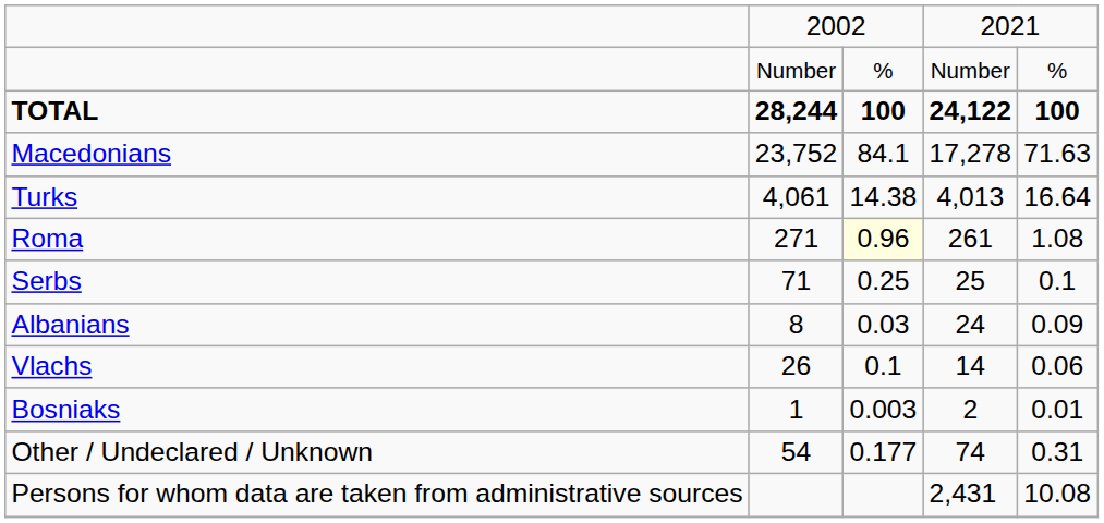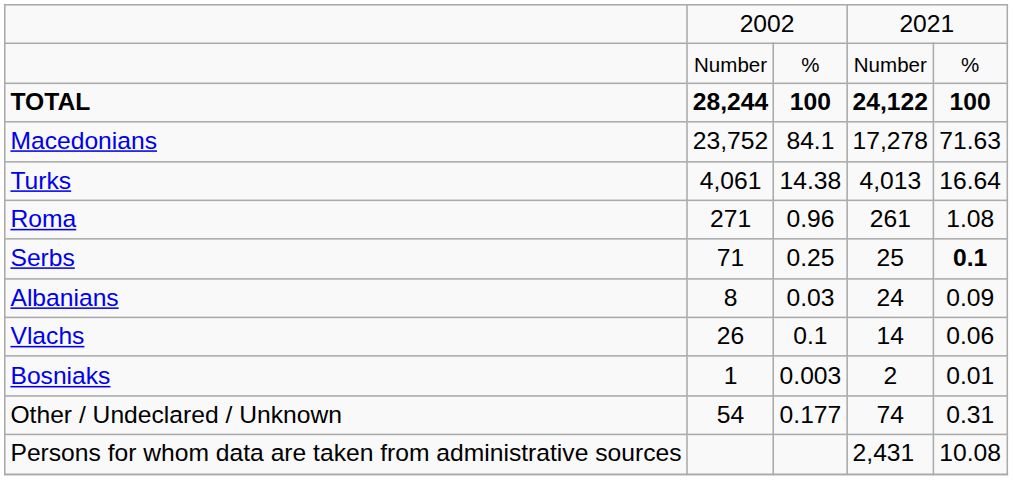 <table class="wikitable">
 <tr>
 <td></td>
 <td colspan="2" align="center">2002</td>
 <td colspan="2" align="center">2021</td>
 </tr>
 <tr>
 <td></td>
 <td align="center"><small>Number</small></td>
 <td align="center"><small>%</small></td>
 <td align="center"><small>Number</small></td>
 <td align="center"><small>%</small></td>
 </tr>
 <tr>
 <td><strong>TOTAL</strong></td>
 <td align="center"><strong>28,244</strong></td>
 <td align="center"><strong>100</strong></td>
 <td align="center"><strong>24,122</strong></td>
 <td align="center"><strong>100</strong></td>
 </tr>
 <tr>
 <td><a href='#'>Macedonians</a></td>
 <td align="center">23,752</td>
 <td align="center">84.1</td>
 <td align="center">17,278</td>
 <td align="center">71.63</td>
 </tr>
 <tr>
 <td><a href='#'>Turks</a></td>
 <td align="center">4,061</td>
 <td align="center">14.38</td>
 <td align="center">4,013</td>
 <td align="center">16.64</td>
 </tr>
 <tr>
 <td><a href='#'>Roma</a></td>
 <td align="center">271</td>
-<td align="center" style="background: lightyellow;">0.96</td>
+<td align="center">0.96</td>
 <td align="center">261</td>
 <td align="center">1.08</td>
 </tr>
 <tr>
 <td><a href='#'>Serbs</a></td>
 <td align="center">71</td>
 <td align="center">0.25</td>
 <td align="center">25</td>
-<td align="center">0.1</td>
+<td align="center"><strong>0.1</strong></td>
 </tr>
 <tr>
 <td><a href='#'>Albanians</a></td>
 <td align="center">8</td>
 <td align="center">0.03</td>
 <td align="center">24</td>
 <td align="center">0.09</td>
 </tr>
 <tr>
 <td><a href='#'>Vlachs</a></td>
 <td align="center">26</td>
 <td align="center">0.1</td>
 <td align="center">14</td>
 <td align="center">0.06</td>
 </tr>
 <tr>
 <td><a href='#'>Bosniaks</a></td>
 <td align="center">1</td>
 <td align="center">0.003</td>
 <td align="center">2</td>
 <td align="center">0.01</td>
 </tr>
 <tr>
 <td>Other / Undeclared / Unknown</td>
 <td align="center">54</td>
 <td align="center">0.177</td>
 <td align="center">74</td>
 <td align="center">0.31</td>
 </tr>
 <tr>
 <td>Persons for whom data are taken from administrative sources</td>
 <td></td>
 <td></td>
 <td>2,431</td>
 <td>10.08</td>
 </tr>
 <tr>
 </tr>
 </table>
